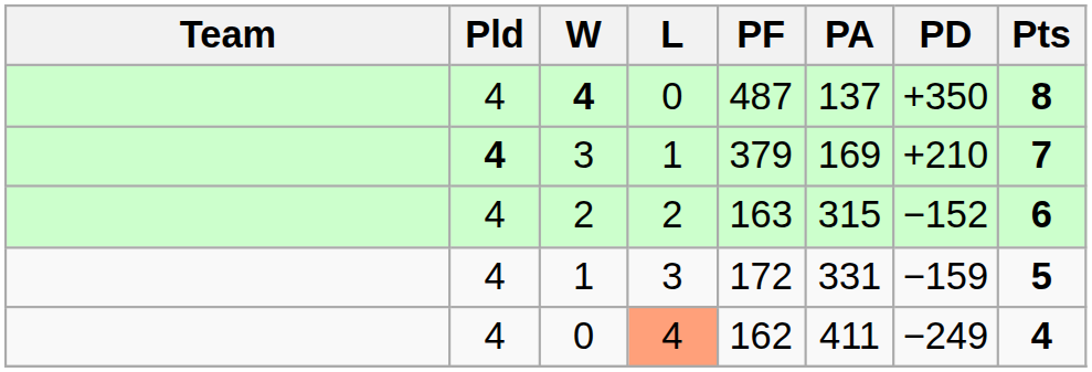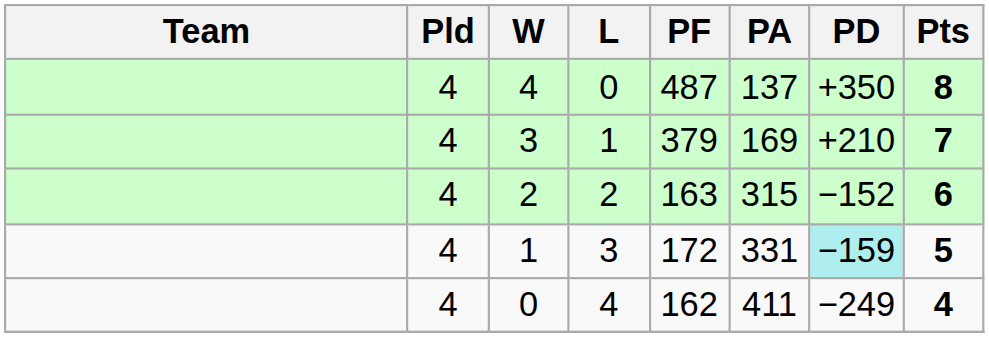 <table class=wikitable style="text-align:center">
 <tr>
 <th width=180>Team</th>
 <th width=30>Pld</th>
 <th width=30>W</th>
 <th width=30>L</th>
 <th width=30>PF</th>
 <th width=30>PA</th>
 <th width=30>PD</th>
 <th width=30>Pts</th>
 </tr>
 <tr bgcolor="#ccffcc">
 <td align="left"></td>
 <td>4</td>
-<td><strong>4</strong></td>
+<td>4</td>
 <td>0</td>
 <td>487</td>
 <td>137</td>
 <td>+350</td>
 <td><strong>8</strong></td>
 </tr>
 <tr bgcolor="#ccffcc">
 <td align="left"></td>
-<td><strong>4</strong></td>
+<td>4</td>
 <td>3</td>
 <td>1</td>
 <td>379</td>
 <td>169</td>
 <td>+210</td>
 <td><strong>7</strong></td>
 </tr>
 <tr bgcolor="#ccffcc">
 <td align="left"></td>
 <td>4</td>
 <td>2</td>
 <td>2</td>
 <td>163</td>
 <td>315</td>
 <td>−152</td>
 <td><strong>6</strong></td>
 </tr>
 <tr>
 <td align="left"></td>
 <td>4</td>
 <td>1</td>
 <td>3</td>
 <td>172</td>
 <td>331</td>
-<td>−159</td>
+<td style="background: paleturquoise;">−159</td>
 <td><strong>5</strong></td>
 </tr>
 <tr>
 <td align="left"></td>
 <td>4</td>
 <td>0</td>
-<td style="background: lightsalmon;">4</td>
+<td>4</td>
 <td>162</td>
 <td>411</td>
 <td>−249</td>
 <td><strong>4</strong></td>
 </tr>
 <tr>
 </tr>
 </table>
